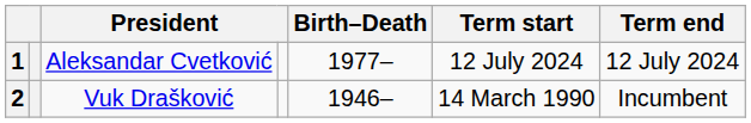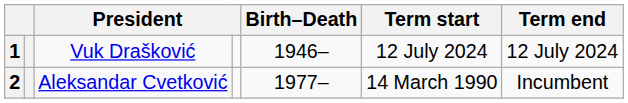 <table class="wikitable" style="text-align:center">
 <tr>
 <th colspan="2"></th>
 <th colspan="2">President</th>
 <th>Birth–Death</th>
 <th>Term start</th>
 <th>Term end</th>
 </tr>
 <tr>
 <th>1</th>
 <th style="background:"></th>
-<td><a href='#'>Aleksandar Cvetković</a></td>
+<td><a href='#'>Vuk Drašković</a></td>
 <td></td>
-<td>1977–</td>
+<td>1946–</td>
 <td>12 July 2024</td>
 <td>12 July 2024</td>
 </tr>
 <tr>
 <th>2</th>
 <th style="background:"></th>
-<td><a href='#'>Vuk Drašković</a></td>
+<td><a href='#'>Aleksandar Cvetković</a></td>
 <td></td>
-<td>1946–</td>
+<td>1977–</td>
 <td>14 March 1990</td>
 <td>Incumbent</td>
 </tr>
 </table>
